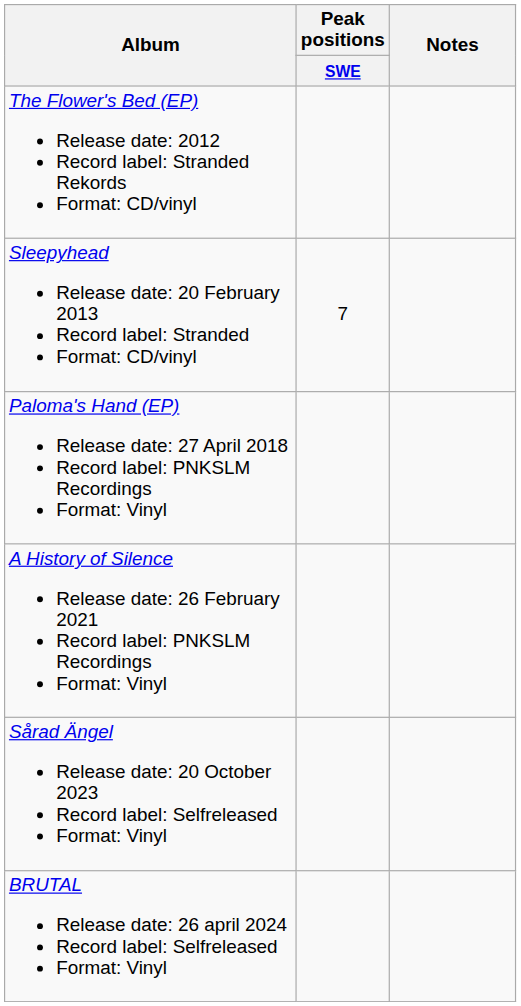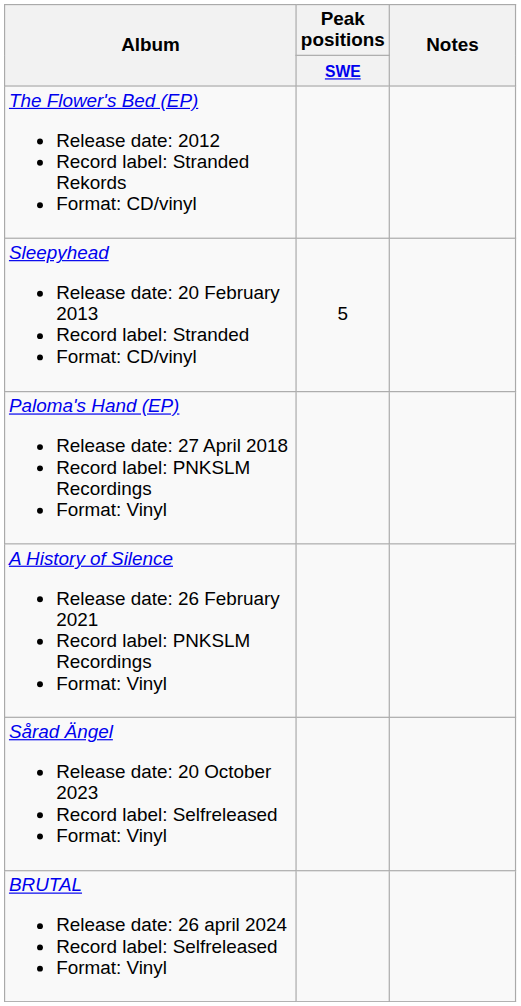 <table class="wikitable">
 <tr>
 <th align="center" rowspan="2" width="240">Album</th>
 <th align="center" colspan="1" width="20">Peak positions</th>
 <th align="center" rowspan="2" width="100">Notes</th>
 </tr>
 <tr>
 <th width="20"><small><a href='#'>SWE</a><br></small></th>
 </tr>
 <tr>
 <td><em><a href='#'>The Flower's Bed (EP)</a></em><br><ul><li>Release date: 2012</li><li>Record label: Stranded Rekords</li><li>Format: CD/vinyl</li></ul></td>
 <td style="text-align:center;"></td>
 <td></td>
 </tr>
 <tr>
 <td><em><a href='#'>Sleepyhead</a></em><br><ul><li>Release date: 20 February 2013</li><li>Record label: Stranded</li><li>Format: CD/vinyl</li></ul></td>
-<td style="text-align:center;">7</td>
+<td style="text-align:center;">5</td>
 <td></td>
 </tr>
 <tr>
 <td><em><a href='#'>Paloma's Hand (EP)</a></em><br><ul><li>Release date: 27 April 2018</li><li>Record label: PNKSLM Recordings</li><li>Format: Vinyl</li></ul></td>
 <td style="text-align:center;"></td>
 <td></td>
 </tr>
 <tr>
 <td><em><a href='#'>A History of Silence</a></em><br><ul><li>Release date: 26 February 2021</li><li>Record label: PNKSLM Recordings</li><li>Format: Vinyl</li></ul></td>
 <td style="text-align:center;"></td>
 <td></td>
 </tr>
 <tr>
 <td><em><a href='#'>Sårad Ängel</a></em><br><ul><li>Release date: 20 October 2023</li><li>Record label: Selfreleased</li><li>Format: Vinyl</li></ul></td>
 <td style="text-align:center;"></td>
 <td></td>
 </tr>
 <tr>
 <td><em><a href='#'>BRUTAL</a></em><br><ul><li>Release date: 26 april 2024</li><li>Record label: Selfreleased</li><li>Format: Vinyl</li></ul></td>
 <td style="text-align:center;"></td>
 <td></td>
 </tr>
 </table>
